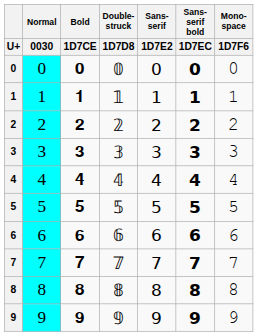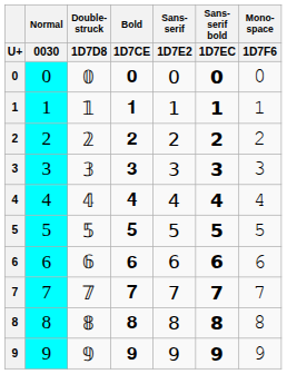 <table class="wikitable" style="text-align: center; font-size: 160%;">
 <tr style="font-size: 50%">
 <th></th>
 <th style="width:4em">Normal</th>
+<th style="width:4em">Double-<br>struck</th>
 <th style="width:4em">Bold</th>
-<th style="width:4em">Double-<br>struck</th>
 <th style="width:4em">Sans-<br>serif</th>
 <th style="width:4em">Sans-<br>serif<br>bold</th>
 <th style="width:4em">Mono-<br>space</th>
 </tr>
 <tr style="font-size: 60%">
 <th>U+</th>
 <th>0030</th>
+<th>1D7D8</th>
 <th>1D7CE</th>
-<th>1D7D8</th>
 <th>1D7E2</th>
 <th>1D7EC</th>
 <th>1D7F6</th>
 </tr>
 <tr>
 <th style="font-size:60%;">0</th>
 <td style="font-family:serif; background:aqua">0</td>
+<td title="U+1D7D8: MATHEMATICAL DOUBLE-STRUCK DIGIT ZERO">𝟘</td>
 <td title="U+1D7CE: MATHEMATICAL BOLD DIGIT ZERO">𝟎</td>
-<td title="U+1D7D8: MATHEMATICAL DOUBLE-STRUCK DIGIT ZERO">𝟘</td>
 <td title="U+1D7E2: MATHEMATICAL SANS-SERIF DIGIT ZERO">𝟢</td>
 <td title="U+1D7EC: MATHEMATICAL SANS-SERIF BOLD DIGIT ZERO">𝟬</td>
 <td title="U+1D7F6: MATHEMATICAL MONOSPACE DIGIT ZERO">𝟶</td>
 </tr>
 <tr>
 <th style="font-size:60%;">1</th>
 <td style="font-family:serif; background:aqua">1</td>
+<td title="U+1D7D9: MATHEMATICAL DOUBLE-STRUCK DIGIT ONE">𝟙</td>
 <td title="U+1D7CF: MATHEMATICAL BOLD DIGIT ONE">𝟏</td>
-<td title="U+1D7D9: MATHEMATICAL DOUBLE-STRUCK DIGIT ONE">𝟙</td>
 <td title="U+1D7E3: MATHEMATICAL SANS-SERIF DIGIT ONE">𝟣</td>
 <td title="U+1D7ED: MATHEMATICAL SANS-SERIF BOLD DIGIT ONE">𝟭</td>
 <td title="U+1D7F7: MATHEMATICAL MONOSPACE DIGIT ONE">𝟷</td>
 </tr>
 <tr>
 <th style="font-size:60%;">2</th>
 <td style="font-family:serif; background:aqua">2</td>
+<td title="U+1D7DA: MATHEMATICAL DOUBLE-STRUCK DIGIT TWO">𝟚</td>
 <td title="U+1D7D0: MATHEMATICAL BOLD DIGIT TWO">𝟐</td>
-<td title="U+1D7DA: MATHEMATICAL DOUBLE-STRUCK DIGIT TWO">𝟚</td>
 <td title="U+1D7E4: MATHEMATICAL SANS-SERIF DIGIT TWO">𝟤</td>
 <td title="U+1D7EE: MATHEMATICAL SANS-SERIF BOLD DIGIT TWO">𝟮</td>
 <td title="U+1D7F8: MATHEMATICAL MONOSPACE DIGIT TWO">𝟸</td>
 </tr>
 <tr>
 <th style="font-size:60%;">3</th>
 <td style="font-family:serif; background:aqua">3</td>
+<td title="U+1D7DB: MATHEMATICAL DOUBLE-STRUCK DIGIT THREE">𝟛</td>
 <td title="U+1D7D1: MATHEMATICAL BOLD DIGIT THREE">𝟑</td>
-<td title="U+1D7DB: MATHEMATICAL DOUBLE-STRUCK DIGIT THREE">𝟛</td>
 <td title="U+1D7E5: MATHEMATICAL SANS-SERIF DIGIT THREE">𝟥</td>
 <td title="U+1D7EF: MATHEMATICAL SANS-SERIF BOLD DIGIT THREE">𝟯</td>
 <td title="U+1D7F9: MATHEMATICAL MONOSPACE DIGIT THREE">𝟹</td>
 </tr>
 <tr>
 <th style="font-size:60%;">4</th>
 <td style="font-family:serif; background:aqua">4</td>
+<td title="U+1D7DC: MATHEMATICAL DOUBLE-STRUCK DIGIT FOUR">𝟜</td>
 <td title="U+1D7D2: MATHEMATICAL BOLD DIGIT FOUR">𝟒</td>
-<td title="U+1D7DC: MATHEMATICAL DOUBLE-STRUCK DIGIT FOUR">𝟜</td>
 <td title="U+1D7E6: MATHEMATICAL SANS-SERIF DIGIT FOUR">𝟦</td>
 <td title="U+1D7F0: MATHEMATICAL SANS-SERIF BOLD DIGIT FOUR">𝟰</td>
 <td title="U+1D7FA: MATHEMATICAL MONOSPACE DIGIT FOUR">𝟺</td>
 </tr>
 <tr>
 <th style="font-size:60%;">5</th>
 <td style="font-family:serif; background:aqua">5</td>
+<td title="U+1D7DD: MATHEMATICAL DOUBLE-STRUCK DIGIT FIVE">𝟝</td>
 <td title="U+1D7D3: MATHEMATICAL BOLD DIGIT FIVE">𝟓</td>
-<td title="U+1D7DD: MATHEMATICAL DOUBLE-STRUCK DIGIT FIVE">𝟝</td>
 <td title="U+1D7E7: MATHEMATICAL SANS-SERIF DIGIT FIVE">𝟧</td>
 <td title="U+1D7F1: MATHEMATICAL SANS-SERIF BOLD DIGIT FIVE">𝟱</td>
 <td title="U+1D7FB: MATHEMATICAL MONOSPACE DIGIT FIVE">𝟻</td>
 </tr>
 <tr>
 <th style="font-size:60%;">6</th>
 <td style="font-family:serif; background:aqua">6</td>
+<td title="U+1D7DE: MATHEMATICAL DOUBLE-STRUCK DIGIT SIX">𝟞</td>
 <td title="U+1D7D4: MATHEMATICAL BOLD DIGIT SIX">𝟔</td>
-<td title="U+1D7DE: MATHEMATICAL DOUBLE-STRUCK DIGIT SIX">𝟞</td>
 <td title="U+1D7E8: MATHEMATICAL SANS-SERIF DIGIT SIX">𝟨</td>
 <td title="U+1D7F2: MATHEMATICAL SANS-SERIF BOLD DIGIT SIX">𝟲</td>
 <td title="U+1D7FC: MATHEMATICAL MONOSPACE DIGIT SIX">𝟼</td>
 </tr>
 <tr>
 <th style="font-size:60%;">7</th>
 <td style="font-family:serif; background:aqua">7</td>
+<td title="U+1D7DF: MATHEMATICAL DOUBLE-STRUCK DIGIT SEVEN">𝟟</td>
 <td title="U+1D7D5: MATHEMATICAL BOLD DIGIT SEVEN">𝟕</td>
-<td title="U+1D7DF: MATHEMATICAL DOUBLE-STRUCK DIGIT SEVEN">𝟟</td>
 <td title="U+1D7E9: MATHEMATICAL SANS-SERIF DIGIT SEVEN">𝟩</td>
 <td title="U+1D7F3: MATHEMATICAL SANS-SERIF BOLD DIGIT SEVEN">𝟳</td>
 <td title="U+1D7FD: MATHEMATICAL MONOSPACE DIGIT SEVEN">𝟽</td>
 </tr>
 <tr>
 <th style="font-size:60%;">8</th>
 <td style="font-family:serif; background:aqua">8</td>
+<td title="U+1D7E0: MATHEMATICAL DOUBLE-STRUCK DIGIT EIGHT">𝟠</td>
 <td title="U+1D7D6: MATHEMATICAL BOLD DIGIT EIGHT">𝟖</td>
-<td title="U+1D7E0: MATHEMATICAL DOUBLE-STRUCK DIGIT EIGHT">𝟠</td>
 <td title="U+1D7EA: MATHEMATICAL SANS-SERIF DIGIT EIGHT">𝟪</td>
 <td title="U+1D7F4: MATHEMATICAL SANS-SERIF BOLD DIGIT EIGHT">𝟴</td>
 <td title="U+1D7FE: MATHEMATICAL MONOSPACE DIGIT EIGHT">𝟾</td>
 </tr>
 <tr>
 <th style="font-size:60%;">9</th>
 <td style="font-family:serif; background:aqua">9</td>
+<td title="U+1D7E1: MATHEMATICAL DOUBLE-STRUCK DIGIT NINE">𝟡</td>
 <td title="U+1D7D7: MATHEMATICAL BOLD DIGIT NINE">𝟗</td>
-<td title="U+1D7E1: MATHEMATICAL DOUBLE-STRUCK DIGIT NINE">𝟡</td>
 <td title="U+1D7EB: MATHEMATICAL SANS-SERIF DIGIT NINE">𝟫</td>
 <td title="U+1D7F5: MATHEMATICAL SANS-SERIF BOLD DIGIT NINE">𝟵</td>
 <td title="U+1D7FF: MATHEMATICAL MONOSPACE DIGIT NINE">𝟿</td>
 </tr>
 </table>
